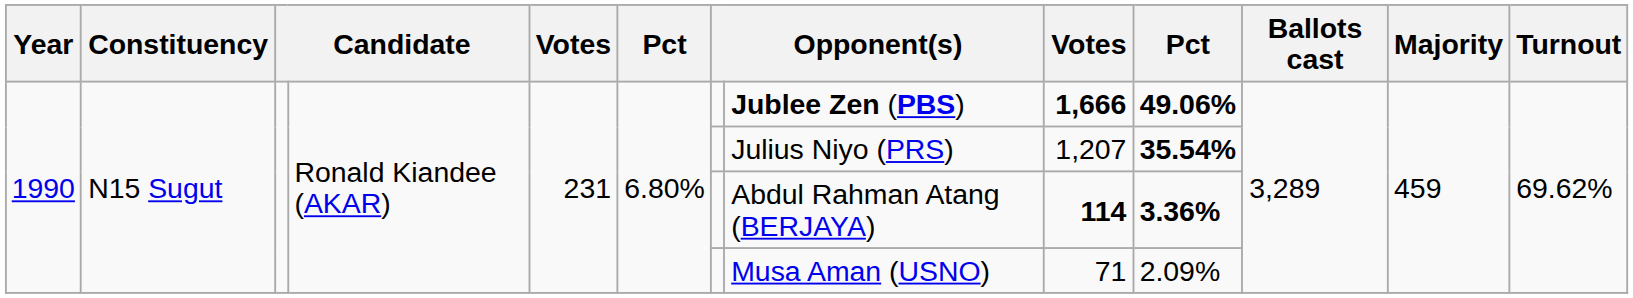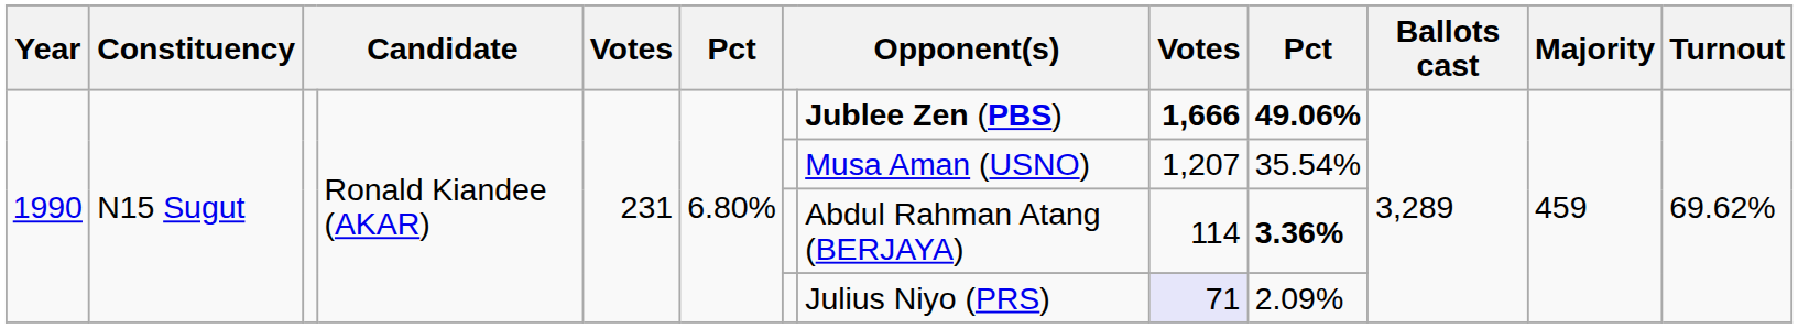 <table class="wikitable" style="margin:0.5em ; font-size:95%">
 <tr>
 <th>Year</th>
 <th>Constituency</th>
 <th colspan=2>Candidate</th>
 <th>Votes</th>
 <th>Pct</th>
 <th colspan=2>Opponent(s)</th>
 <th>Votes</th>
 <th>Pct</th>
 <th>Ballots cast</th>
 <th>Majority</th>
 <th>Turnout</th>
 </tr>
 <tr>
 <td rowspan="4"><a href='#'>1990</a></td>
 <td rowspan="9">N15 <a href='#'>Sugut</a></td>
 <td rowspan=5 ></td>
 <td rowspan="4">Ronald Kiandee (<a href='#'>AKAR</a>)</td>
 <td rowspan="4" align="right">231</td>
 <td rowspan="4">6.80%</td>
 <td></td>
 <td><strong>Jublee Zen</strong> (<a href='#'><strong>PBS</strong></a>)</td>
 <td align="right"><strong>1,666</strong></td>
 <td><strong>49.06%</strong></td>
 <td rowspan="4">3,289</td>
 <td rowspan="4">459</td>
 <td rowspan="4">69.62%</td>
 </tr>
 <tr>
 <td></td>
-<td>Julius Niyo (<a href='#'>PRS</a>)</td>
+<td><a href='#'>Musa Aman</a> (<a href='#'>USNO</a>)</td>
 <td align="right">1,207</td>
-<td><strong>35.54%</strong></td>
+<td>35.54%</td>
 </tr>
 <tr>
 <td></td>
 <td>Abdul Rahman Atang (<a href='#'>BERJAYA</a>)</td>
-<td align="right"><strong>114</strong></td>
+<td align="right">114</td>
 <td><strong>3.36%</strong></td>
 </tr>
 <tr>
 <td></td>
-<td><a href='#'>Musa Aman</a> (<a href='#'>USNO</a>)</td>
-<td align="right">71</td>
+<td>Julius Niyo (<a href='#'>PRS</a>)</td>
+<td align="right" style="background: lavender;">71</td>
 <td>2.09%</td>
 </tr>
 </table>
